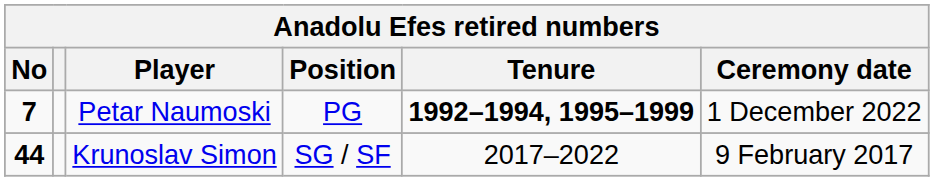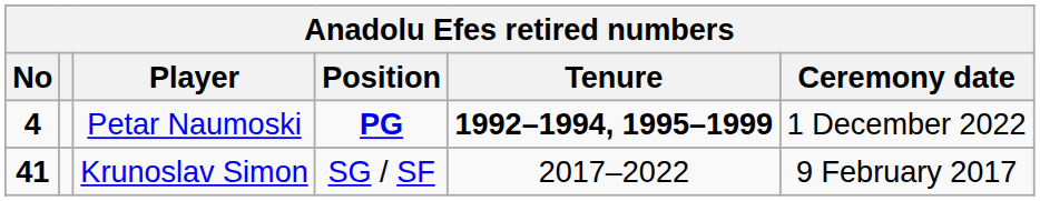 <table class="wikitable" style="font-size: 95%; text-align:center;">
 <tr>
 <th colspan=6>Anadolu Efes retired numbers</th>
 </tr>
 <tr>
 <th>No</th>
 <th></th>
 <th>Player</th>
 <th>Position</th>
 <th>Tenure</th>
 <th>Ceremony date</th>
 </tr>
 <tr>
-<td><strong>7</strong></td>
+<td><strong>4</strong></td>
 <td></td>
 <td><a href='#'>Petar Naumoski</a></td>
-<td><a href='#'>PG</a></td>
+<td><strong><a href='#'>PG</a></strong></td>
 <td><strong>1992–1994, 1995–1999</strong></td>
 <td>1 December 2022</td>
 </tr>
 <tr>
-<td><strong>44</strong></td>
+<td><strong>41</strong></td>
 <td></td>
 <td><a href='#'>Krunoslav Simon</a></td>
 <td><a href='#'>SG</a> / <a href='#'>SF</a></td>
 <td>2017–2022</td>
 <td>9 February 2017</td>
 </tr>
 </table>
